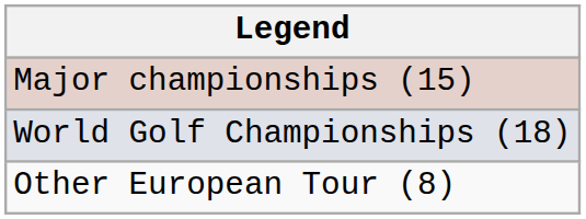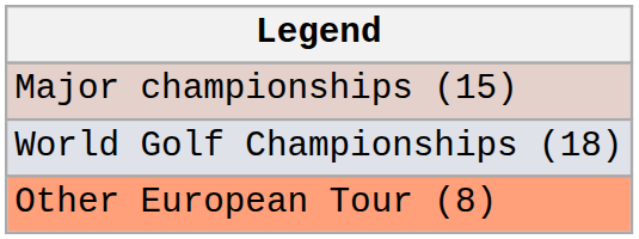 <table class="wikitable" style="font-size:95%;">
 <tr>
 <th>Legend</th>
 </tr>
 <tr style="background:#e5d1cb;">
 <td>Major championships (15)</td>
 </tr>
 <tr style="background:#dfe2e9;">
 <td>World Golf Championships (18)</td>
 </tr>
 <tr>
-<td>Other European Tour (8)</td>
+<td style="background: lightsalmon;">Other European Tour (8)</td>
 </tr>
 </table>
